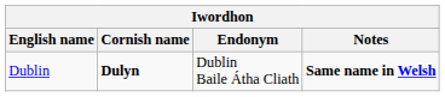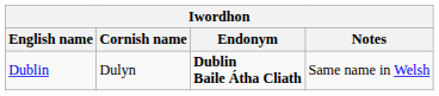 <table class="wikitable sortable">
 <tr>
 <th colspan="24"> Iwordhon</th>
 </tr>
 <tr>
 <th>English name</th>
 <th>Cornish name</th>
 <th>Endonym</th>
 <th>Notes</th>
 </tr>
 <tr>
 <td><a href='#'>Dublin</a></td>
-<td><strong>Dulyn</strong></td>
-<td>Dublin<br>Baile Átha Cliath</td>
-<td><strong>Same name in <a href='#'>Welsh</a></strong></td>
+<td>Dulyn</td>
+<td><strong>Dublin<br>Baile Átha Cliath</strong></td>
+<td>Same name in <a href='#'>Welsh</a></td>
 </tr>
 </table>
